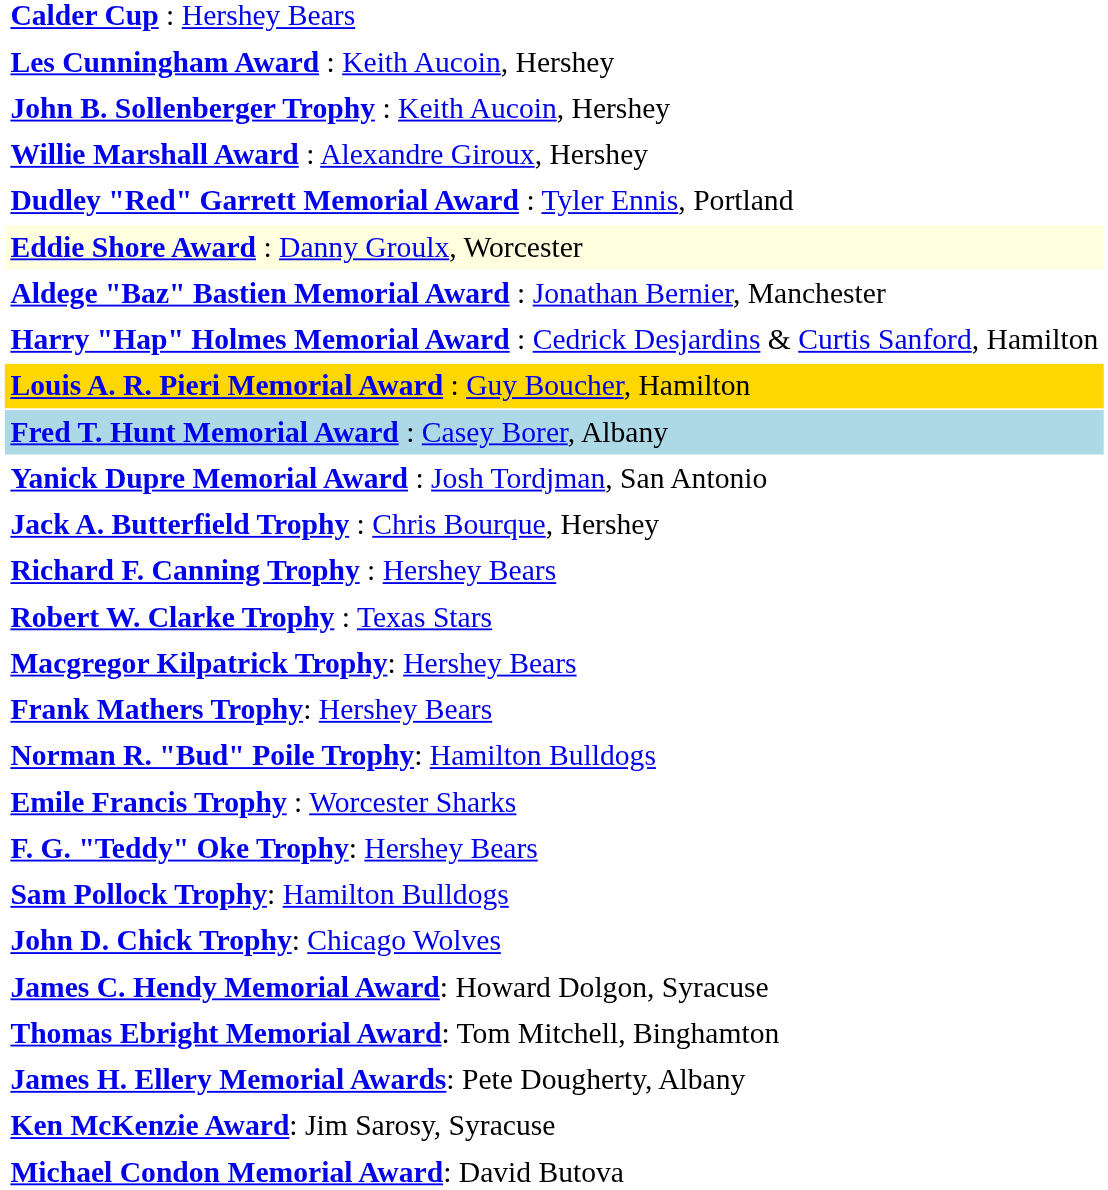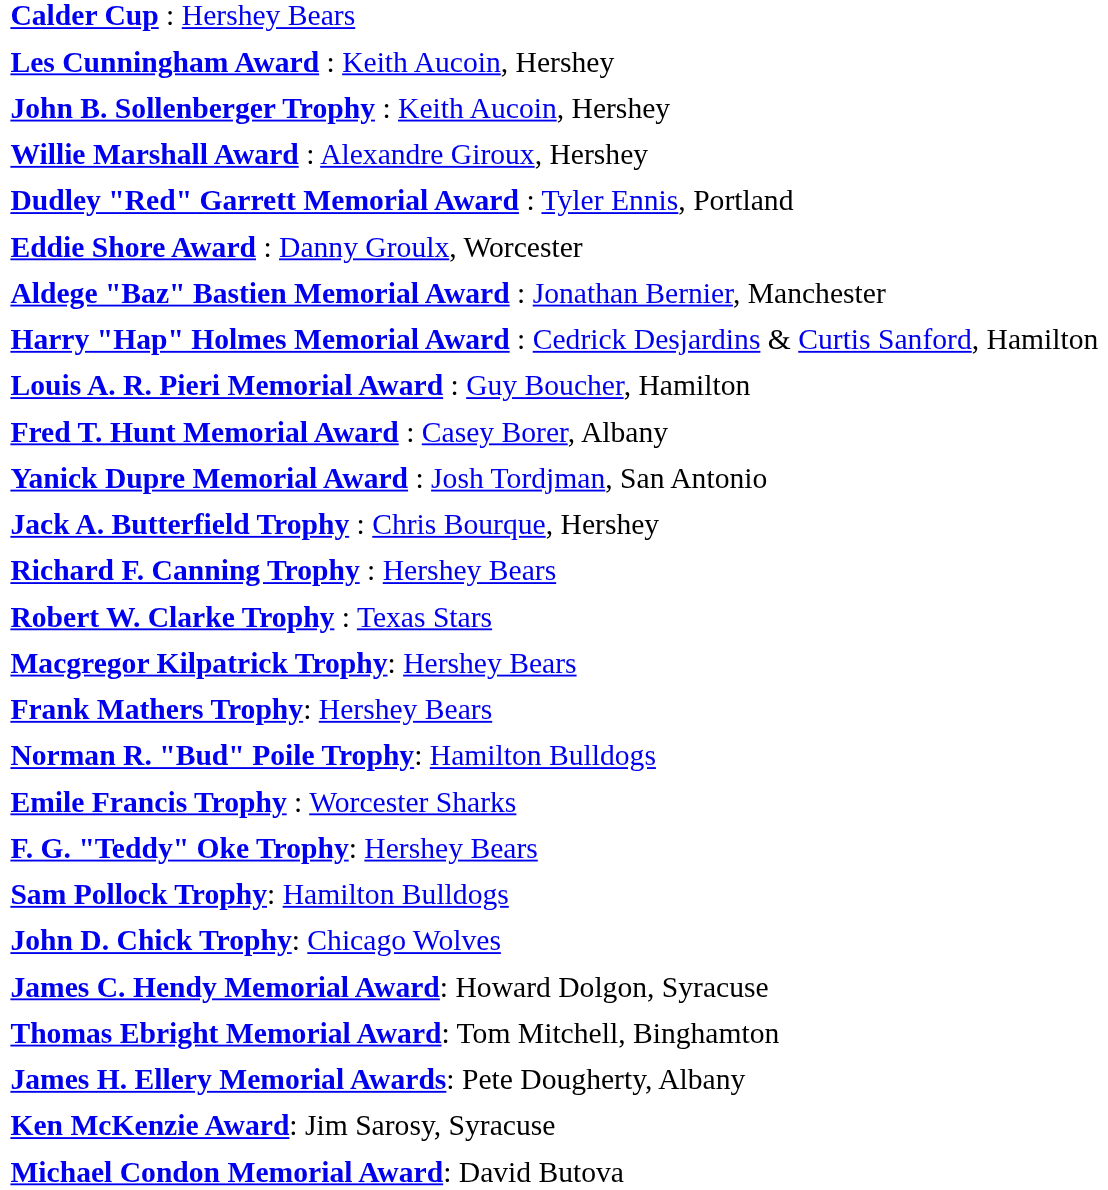 <table cellpadding="3" cellspacing="1">
 <tr>
 <td><strong><a href='#'>Calder Cup</a> </strong>: <a href='#'>Hershey Bears</a></td>
 <td></td>
 </tr>
 <tr>
 <td><strong><a href='#'>Les Cunningham Award</a> </strong>: <a href='#'>Keith Aucoin</a>, Hershey</td>
 </tr>
 <tr>
 <td><strong><a href='#'>John B. Sollenberger Trophy</a> </strong>: <a href='#'>Keith Aucoin</a>, Hershey</td>
 </tr>
 <tr>
 <td><strong><a href='#'>Willie Marshall Award</a> </strong>: <a href='#'>Alexandre Giroux</a>, Hershey</td>
 </tr>
 <tr>
 <td><strong><a href='#'>Dudley "Red" Garrett Memorial Award</a> </strong>: <a href='#'>Tyler Ennis</a>, Portland</td>
 </tr>
 <tr>
-<td style="background: lightyellow;"><strong><a href='#'>Eddie Shore Award</a> </strong>: <a href='#'>Danny Groulx</a>, Worcester</td>
+<td><strong><a href='#'>Eddie Shore Award</a> </strong>: <a href='#'>Danny Groulx</a>, Worcester</td>
 </tr>
 <tr>
 <td><strong><a href='#'>Aldege "Baz" Bastien Memorial Award</a> </strong>: <a href='#'>Jonathan Bernier</a>, Manchester</td>
 </tr>
 <tr>
 <td><strong><a href='#'>Harry "Hap" Holmes Memorial Award</a> </strong>: <a href='#'>Cedrick Desjardins</a> & <a href='#'>Curtis Sanford</a>, Hamilton</td>
 </tr>
 <tr>
-<td style="background: gold;"><strong><a href='#'>Louis A. R. Pieri Memorial Award</a> </strong>: <a href='#'>Guy Boucher</a>, Hamilton</td>
+<td><strong><a href='#'>Louis A. R. Pieri Memorial Award</a> </strong>: <a href='#'>Guy Boucher</a>, Hamilton</td>
 </tr>
 <tr>
-<td style="background: lightblue;"><strong><a href='#'>Fred T. Hunt Memorial Award</a> </strong>: <a href='#'>Casey Borer</a>, Albany</td>
+<td><strong><a href='#'>Fred T. Hunt Memorial Award</a> </strong>: <a href='#'>Casey Borer</a>, Albany</td>
 </tr>
 <tr>
 <td><strong><a href='#'>Yanick Dupre Memorial Award</a> </strong>: <a href='#'>Josh Tordjman</a>, San Antonio</td>
 </tr>
 <tr>
 <td><strong><a href='#'>Jack A. Butterfield Trophy</a> </strong>: <a href='#'>Chris Bourque</a>, Hershey</td>
 </tr>
 <tr>
 <td><strong><a href='#'>Richard F. Canning Trophy</a> </strong>: <a href='#'>Hershey Bears</a></td>
 </tr>
 <tr>
 <td><strong><a href='#'>Robert W. Clarke Trophy</a> </strong>: <a href='#'>Texas Stars</a></td>
 </tr>
 <tr>
 <td><strong><a href='#'>Macgregor Kilpatrick Trophy</a></strong>: <a href='#'>Hershey Bears</a></td>
 </tr>
 <tr>
 <td><strong><a href='#'>Frank Mathers Trophy</a></strong>: <a href='#'>Hershey Bears</a></td>
 </tr>
 <tr>
 <td><strong><a href='#'>Norman R. "Bud" Poile Trophy</a></strong>: <a href='#'>Hamilton Bulldogs</a></td>
 </tr>
 <tr>
 <td><strong><a href='#'>Emile Francis Trophy</a> </strong>: <a href='#'>Worcester Sharks</a></td>
 </tr>
 <tr>
 <td><strong><a href='#'>F. G. "Teddy" Oke Trophy</a></strong>: <a href='#'>Hershey Bears</a></td>
 </tr>
 <tr>
 <td><strong><a href='#'>Sam Pollock Trophy</a></strong>: <a href='#'>Hamilton Bulldogs</a></td>
 </tr>
 <tr>
 <td><strong><a href='#'>John D. Chick Trophy</a></strong>: <a href='#'>Chicago Wolves</a></td>
 </tr>
 <tr>
 <td><strong><a href='#'>James C. Hendy Memorial Award</a></strong>: Howard Dolgon, Syracuse</td>
 </tr>
 <tr>
 <td><strong><a href='#'>Thomas Ebright Memorial Award</a></strong>: Tom Mitchell, Binghamton</td>
 </tr>
 <tr>
 <td><strong><a href='#'>James H. Ellery Memorial Awards</a></strong>: Pete Dougherty, Albany</td>
 </tr>
 <tr>
 <td><strong><a href='#'>Ken McKenzie Award</a></strong>: Jim Sarosy, Syracuse</td>
 </tr>
 <tr>
 <td><strong><a href='#'>Michael Condon Memorial Award</a></strong>: David Butova</td>
 </tr>
 </table>
